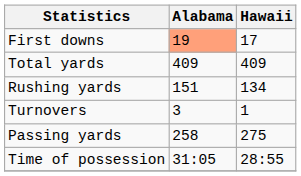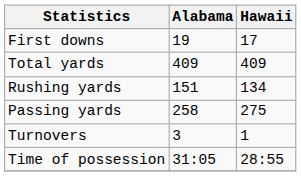 <table class="wikitable" style="float: left;">
 <tr>
 <th>Statistics</th>
 <th>Alabama</th>
 <th>Hawaii</th>
 </tr>
 <tr>
 <td>First downs</td>
-<td style="background: lightsalmon;">19</td>
+<td>19</td>
 <td>17</td>
 </tr>
 <tr>
 <td>Total yards</td>
 <td>409</td>
 <td>409</td>
 </tr>
 <tr>
 <td>Rushing yards</td>
 <td>151</td>
 <td>134</td>
 </tr>
 <tr>
+<td>Passing yards</td>
+<td>258</td>
+<td>275</td>
+</tr>
+<tr>
 <td>Turnovers</td>
 <td>3</td>
 <td>1</td>
-</tr>
-<tr>
-<td>Passing yards</td>
-<td>258</td>
-<td>275</td>
 </tr>
 <tr>
 <td>Time of possession</td>
 <td>31:05</td>
 <td>28:55</td>
 </tr>
 <tr>
 </tr>
 </table>
